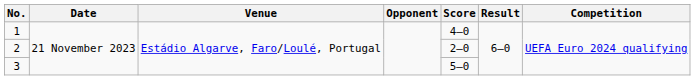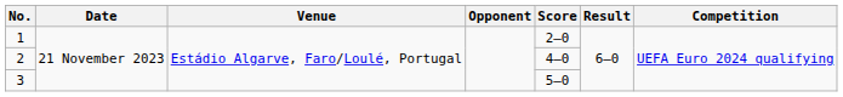 <table class="wikitable sortable">
 <tr>
 <th scope=col>No.</th>
 <th scope=col>Date</th>
 <th scope=col>Venue</th>
 <th scope=col>Opponent</th>
 <th scope=col>Score</th>
 <th scope=col>Result</th>
 <th scope=col>Competition</th>
 </tr>
 <tr>
 <td align=center>1</td>
 <td rowspan="3">21 November 2023</td>
 <td rowspan="3"><a href='#'>Estádio Algarve</a>, <a href='#'>Faro</a>/<a href='#'>Loulé</a>, Portugal</td>
 <td rowspan="3"></td>
-<td align=center>4–0</td>
+<td align=center>2–0</td>
 <td align=center rowspan="3">6–0</td>
 <td rowspan="3"><a href='#'>UEFA Euro 2024 qualifying</a></td>
 </tr>
 <tr>
 <td align=center>2</td>
-<td align=center>2–0</td>
+<td align=center>4–0</td>
 </tr>
 <tr>
 <td align=center>3</td>
 <td align=center>5–0</td>
 </tr>
 </table>
